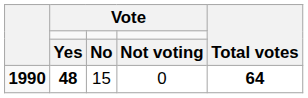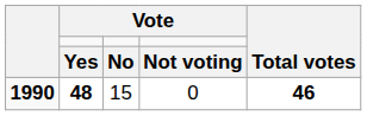 <table class=wikitable style="text-align:center">
 <tr style="vertical-align:bottom;">
 <th rowspan=3></th>
 <th colspan=3>Vote</th>
 <th rowspan=3>Total votes</th>
 </tr>
 <tr style="height:5px">
 <td style="background-color:"></td>
 <td style="background-color:"></td>
 <td style="background-color:"></td>
 </tr>
 <tr style="vertical-align:bottom;">
 <th>Yes</th>
 <th>No</th>
 <th>Not voting</th>
 </tr>
 <tr>
 <td><strong>1990</strong></td>
 <td style="background:#fff;"><strong>48</strong></td>
 <td style="background:#fff;">15</td>
 <td style="background:#fff;">0</td>
-<td style="background:#fff;"><strong>64</strong></td>
+<td style="background:#fff;"><strong>46</strong></td>
 </tr>
 </table>
